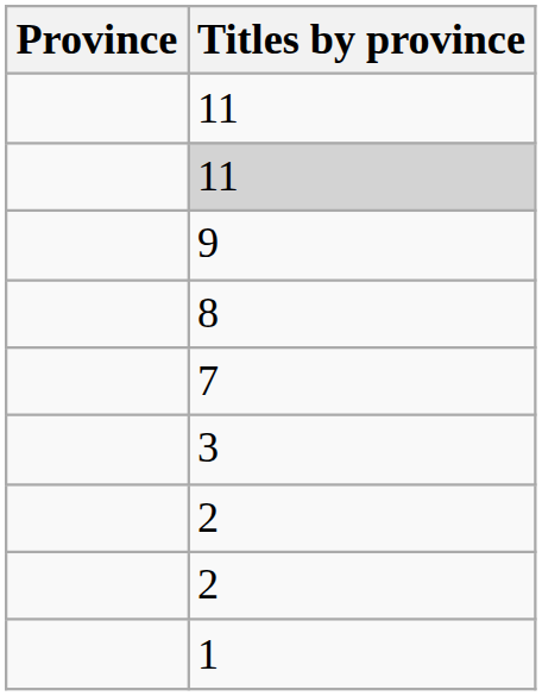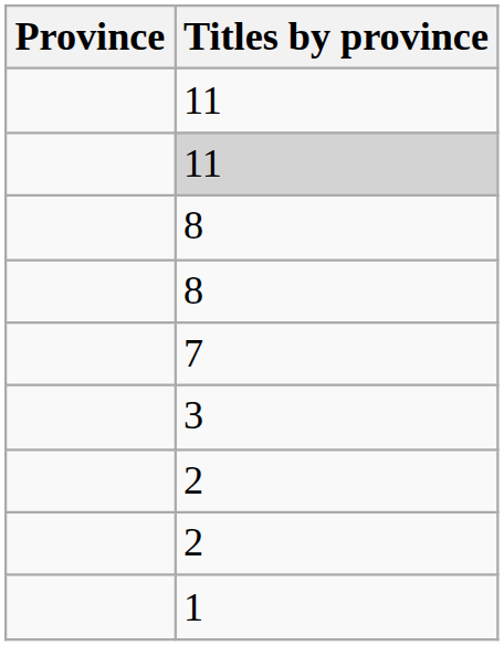 <table class="wikitable">
 <tr>
 <th>Province</th>
 <th>Titles by province</th>
 </tr>
 <tr>
 <td></td>
 <td>11</td>
 </tr>
 <tr>
 <td></td>
 <td style="background: lightgrey;">11</td>
 </tr>
 <tr>
 <td></td>
-<td>9</td>
+<td>8</td>
 </tr>
 <tr>
 <td></td>
 <td>8</td>
 </tr>
 <tr>
 <td></td>
 <td>7</td>
 </tr>
 <tr>
 <td></td>
 <td>3</td>
 </tr>
 <tr>
 <td></td>
 <td>2</td>
 </tr>
 <tr>
 <td></td>
 <td>2</td>
 </tr>
 <tr>
 <td></td>
 <td>1</td>
 </tr>
 </table>
